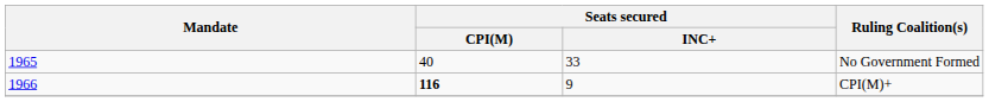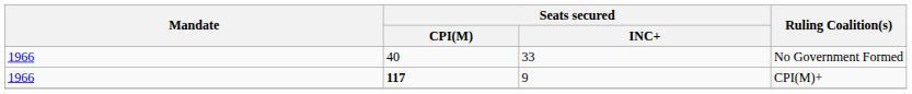 <table class="wikitable sortable"; text-align:center">
 <tr>
 <th rowspan="2">Mandate</th>
 <th colspan="2">Seats secured</th>
 <th colspan="2" rowspan="2">Ruling C<strong>oalition(s)</strong></th>
 </tr>
 <tr>
 <th style="color:"><strong>CPI(M)</strong></th>
 <th style="color:"><strong>INC+</strong></th>
 </tr>
 <tr>
-<td><a href='#'>1965</a></td>
+<td><a href='#'>1966</a></td>
 <td>40</td>
 <td>33</td>
 <td>No Government Formed</td>
 </tr>
 <tr>
 <td><a href='#'>1966</a></td>
-<td style="width:15%;" Style="background-color:"><strong>116</strong></td>
+<td style="width:15%;" Style="background-color:"><strong>117</strong></td>
 <td>9</td>
 <td style="width:15%;" Style="background-color:">CPI(M)+</td>
 </tr>
 <tr>
 </tr>
 </table>
